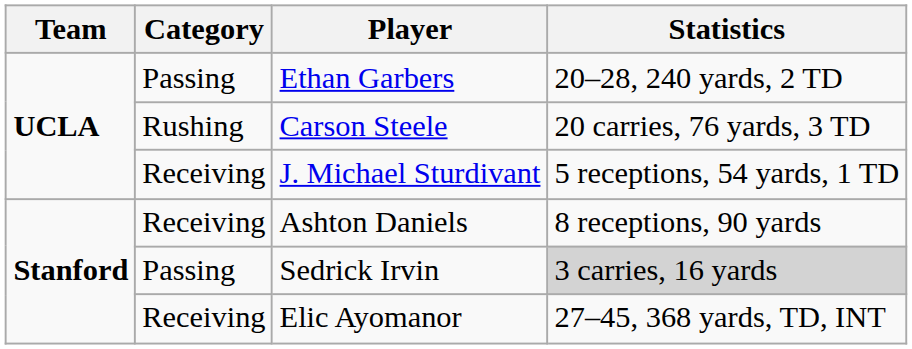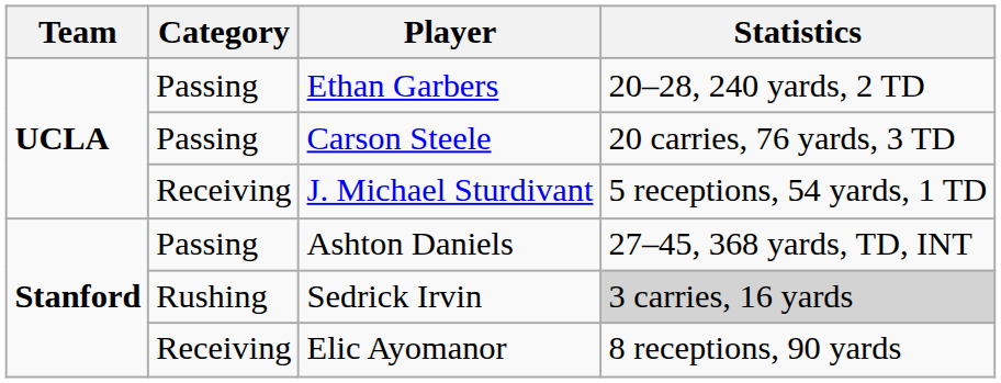 <table class="wikitable" style="float: right;">
 <tr>
 <th>Team</th>
 <th>Category</th>
 <th>Player</th>
 <th>Statistics</th>
 </tr>
 <tr>
 <td rowspan=3><strong>UCLA</strong></td>
 <td>Passing</td>
 <td><a href='#'>Ethan Garbers</a></td>
 <td>20–28, 240 yards, 2 TD</td>
 </tr>
 <tr>
-<td>Rushing</td>
+<td>Passing</td>
 <td><a href='#'>Carson Steele</a></td>
 <td>20 carries, 76 yards, 3 TD</td>
 </tr>
 <tr>
 <td>Receiving</td>
 <td><a href='#'>J. Michael Sturdivant</a></td>
 <td>5 receptions, 54 yards, 1 TD</td>
 </tr>
 <tr>
 <td rowspan=3><strong>Stanford</strong></td>
-<td>Receiving</td>
+<td>Passing</td>
 <td>Ashton Daniels</td>
-<td>8 receptions, 90 yards</td>
+<td>27–45, 368 yards, TD, INT</td>
 </tr>
 <tr>
-<td>Passing</td>
+<td>Rushing</td>
 <td>Sedrick Irvin</td>
 <td style="background: lightgrey;">3 carries, 16 yards</td>
 </tr>
 <tr>
 <td>Receiving</td>
 <td>Elic Ayomanor</td>
-<td>27–45, 368 yards, TD, INT</td>
+<td>8 receptions, 90 yards</td>
 </tr>
 </table>
